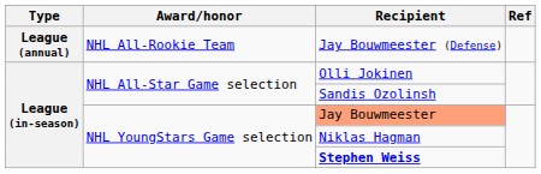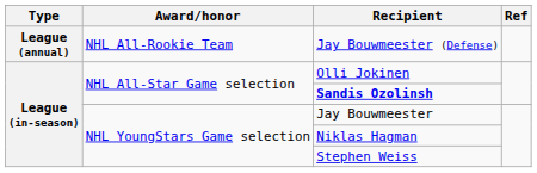 <table class="wikitable">
 <tr>
 <th scope="col">Type</th>
 <th scope="col">Award/honor</th>
 <th scope="col">Recipient</th>
 <th scope="col">Ref</th>
 </tr>
 <tr>
 <th scope="row">League<br><small>(annual)</small></th>
 <td><a href='#'>NHL All-Rookie Team</a></td>
 <td><a href='#'>Jay Bouwmeester</a> <small>(<a href='#'>Defense</a>)</small></td>
 <td></td>
 </tr>
 <tr>
 <th scope="row" rowspan="5">League<br><small>(in-season)</small></th>
 <td rowspan="2"><a href='#'>NHL All-Star Game</a> selection</td>
 <td><a href='#'>Olli Jokinen</a></td>
 <td rowspan="2"></td>
 </tr>
 <tr>
-<td><a href='#'>Sandis Ozolinsh</a></td>
+<td><strong><a href='#'>Sandis Ozolinsh</a></strong></td>
 </tr>
 <tr>
 <td rowspan="3"><a href='#'>NHL YoungStars Game</a> selection</td>
-<td style="background: lightsalmon;">Jay Bouwmeester</td>
+<td>Jay Bouwmeester</td>
 <td rowspan="3"></td>
 </tr>
 <tr>
 <td><a href='#'>Niklas Hagman</a></td>
 </tr>
 <tr>
-<td><strong><a href='#'>Stephen Weiss</a></strong></td>
+<td><a href='#'>Stephen Weiss</a></td>
 </tr>
 </table>
